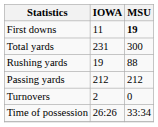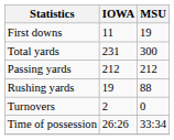 <table class="wikitable">
 <tr>
 <th>Statistics</th>
 <th>IOWA</th>
 <th>MSU</th>
 </tr>
 <tr>
 <td>First downs</td>
 <td>11</td>
-<td><strong>19</strong></td>
+<td>19</td>
 </tr>
 <tr>
 <td>Total yards</td>
 <td>231</td>
 <td>300</td>
 </tr>
 <tr>
+<td>Passing yards</td>
+<td>212</td>
+<td>212</td>
+</tr>
+<tr>
 <td>Rushing yards</td>
 <td>19</td>
 <td>88</td>
-</tr>
-<tr>
-<td>Passing yards</td>
-<td>212</td>
-<td>212</td>
 </tr>
 <tr>
 <td>Turnovers</td>
 <td>2</td>
 <td>0</td>
 </tr>
 <tr>
 <td>Time of possession</td>
 <td>26:26</td>
 <td>33:34</td>
 </tr>
 <tr>
 </tr>
 </table>
